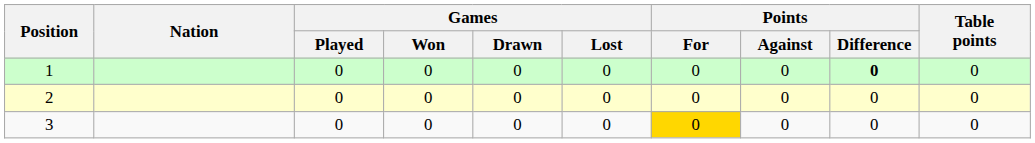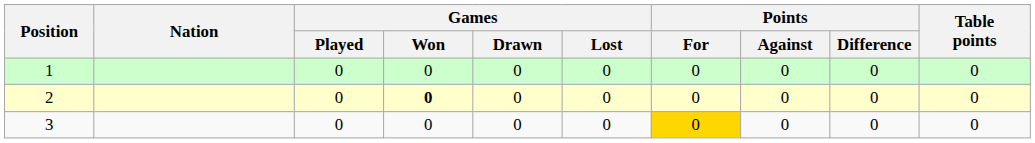 <table class="wikitable" style="text-align: center;">
 <tr>
 <th rowspan=2 width="8%">Position</th>
 <th rowspan=2 width="18%">Nation</th>
 <th colspan=4 width="32%">Games</th>
 <th colspan=3 width="24%">Points</th>
 <th rowspan=2 width="10%">Table<br>points</th>
 </tr>
 <tr>
 <th width="8%">Played</th>
 <th width="8%">Won</th>
 <th width="8%">Drawn</th>
 <th width="8%">Lost</th>
 <th width="8%">For</th>
 <th width="8%">Against</th>
 <th width="8%">Difference</th>
 </tr>
 <tr style=background:#ccffcc>
 <td>1</td>
 <td align=left></td>
 <td>0</td>
 <td>0</td>
 <td>0</td>
 <td>0</td>
 <td>0</td>
 <td>0</td>
-<td><strong>0</strong></td>
+<td>0</td>
 <td>0</td>
 </tr>
 <tr style="background:#ffffcc">
 <td>2</td>
 <td align="left"></td>
 <td>0</td>
-<td>0</td>
+<td><strong>0</strong></td>
 <td>0</td>
 <td>0</td>
 <td>0</td>
 <td>0</td>
 <td>0</td>
 <td>0</td>
 </tr>
 <tr>
 <td>3</td>
 <td align="left"></td>
 <td>0</td>
 <td>0</td>
 <td>0</td>
 <td>0</td>
 <td style="background: gold;">0</td>
 <td>0</td>
 <td>0</td>
 <td>0</td>
 </tr>
 </table>
